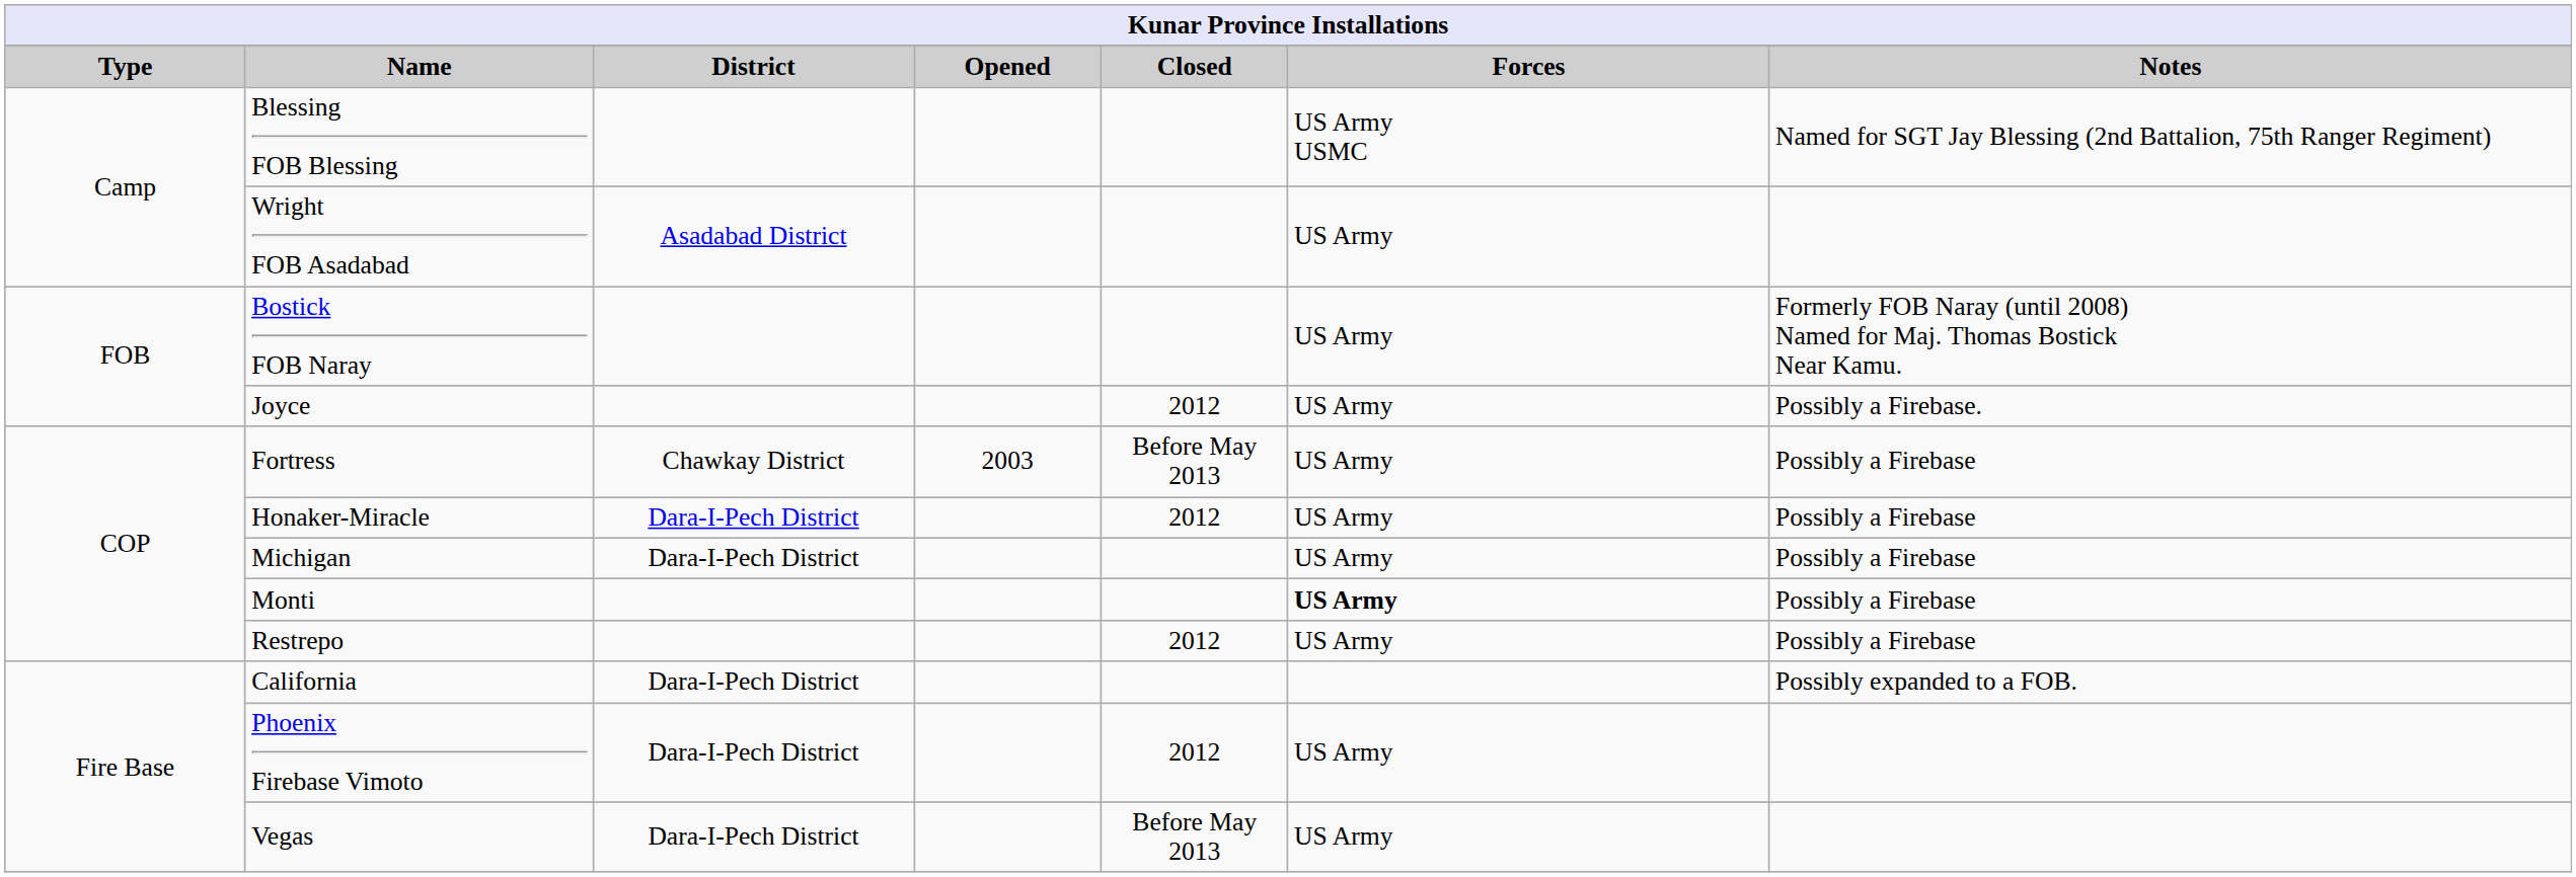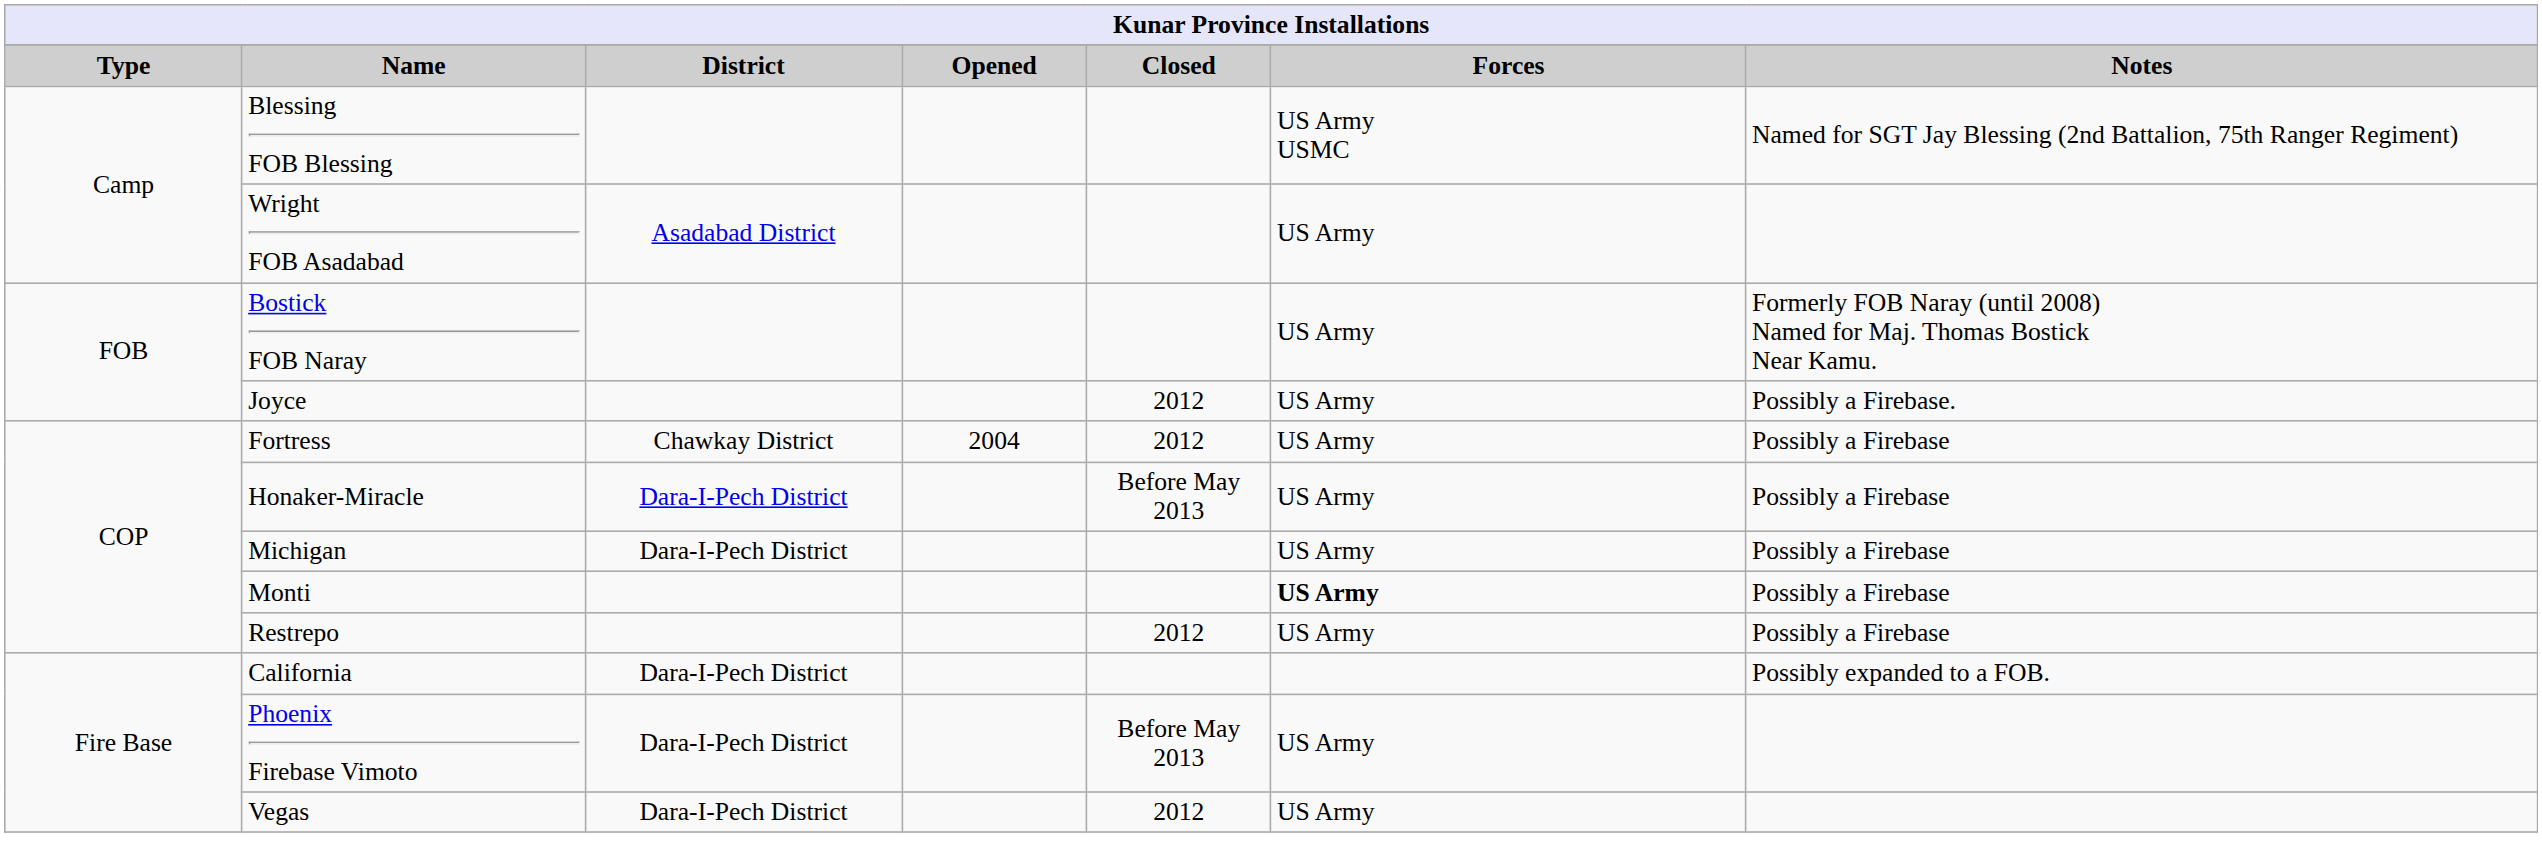 <table class="wikitable sortable" width="100%">
 <tr>
 <th style="align: center; background: lavender" colspan="7"><strong>Kunar Province Installations</strong></th>
 </tr>
 <tr style="background:#efefef; color:black">
 </tr>
 <tr>
 <th style="background-color:#cfcfcf;" align="center" width="9%" align="center">Type</th>
 <th style="background-color:#cfcfcf;" align="center" width="13%">Name</th>
 <th style="background-color:#cfcfcf;" align="center" width="12%">District</th>
 <th style="background-color:#cfcfcf;" align="center" width="7%">Opened</th>
 <th style="background-color:#cfcfcf;" align="center" width="7%">Closed</th>
 <th style="background-color:#cfcfcf;" align="center" width="18%" class="unsortable">Forces</th>
 <th style="background-color:#cfcfcf;" align="center" width="30%" class="unsortable">Notes</th>
 </tr>
 <tr>
 <td rowspan="2" align="center">Camp</td>
 <td>Blessing<hr>FOB Blessing</td>
 <td align="center"></td>
 <td align="center"> </td>
 <td align="center"></td>
 <td> US Army<br> USMC</td>
 <td>Named for SGT Jay Blessing (2nd Battalion, 75th Ranger Regiment)</td>
 </tr>
 <tr>
 <td>Wright<hr>FOB Asadabad</td>
 <td align="center"><a href='#'>Asadabad District</a></td>
 <td align="center"> </td>
 <td align="center"> </td>
 <td> US Army</td>
 <td></td>
 </tr>
 <tr>
 <td rowspan="2" align="center">FOB</td>
 <td><a href='#'>Bostick</a><hr>FOB Naray</td>
 <td align="center"></td>
 <td align="center"></td>
 <td align="center"></td>
 <td> US Army</td>
 <td>Formerly FOB Naray (until 2008)<br>Named for Maj. Thomas Bostick<br>Near Kamu.</td>
 </tr>
 <tr>
 <td>Joyce</td>
 <td align="center"></td>
 <td align="center"> </td>
 <td align="center">2012</td>
 <td> US Army</td>
 <td>Possibly a Firebase.</td>
 </tr>
 <tr>
 <td rowspan="5" align="center">COP</td>
 <td>Fortress</td>
 <td align="center">Chawkay District</td>
-<td align="center">2003</td>
-<td align="center"> Before May 2013</td>
+<td align="center">2004</td>
+<td align="center">2012</td>
 <td> US Army</td>
 <td>Possibly a Firebase</td>
 </tr>
 <tr>
 <td>Honaker-Miracle</td>
 <td align="center"><a href='#'>Dara-I-Pech District</a></td>
 <td align="center"> </td>
-<td align="center">2012</td>
+<td align="center"> Before May 2013</td>
 <td> US Army</td>
 <td> Possibly a Firebase</td>
 </tr>
 <tr>
 <td>Michigan</td>
 <td align="center">Dara-I-Pech District</td>
 <td align="center"> </td>
 <td align="center"></td>
 <td> US Army</td>
 <td> Possibly a Firebase</td>
 </tr>
 <tr>
 <td>Monti</td>
 <td align="center"></td>
 <td align="center"> </td>
 <td align="center"> </td>
 <td><strong> US Army</strong></td>
 <td> Possibly a Firebase</td>
 </tr>
 <tr>
 <td>Restrepo</td>
 <td align="center"></td>
 <td align="center"> </td>
 <td align="center">2012</td>
 <td> US Army</td>
 <td> Possibly a Firebase</td>
 </tr>
 <tr>
 <td rowspan="3" align="center">Fire Base</td>
 <td>California</td>
 <td align="center">Dara-I-Pech District</td>
 <td align="center"> </td>
 <td align="center"> </td>
 <td></td>
 <td>Possibly expanded to a FOB.</td>
 </tr>
 <tr>
 <td><a href='#'>Phoenix</a><hr>Firebase Vimoto</td>
 <td align="center">Dara-I-Pech District</td>
 <td align="center"></td>
-<td align="center">2012</td>
+<td align="center"> Before May 2013</td>
 <td> US Army</td>
 <td></td>
 </tr>
 <tr>
 <td>Vegas</td>
 <td align="center">Dara-I-Pech District</td>
 <td align="center"> </td>
-<td align="center">Before May 2013</td>
+<td align="center">2012</td>
 <td> US Army</td>
 <td></td>
 </tr>
 </table>
